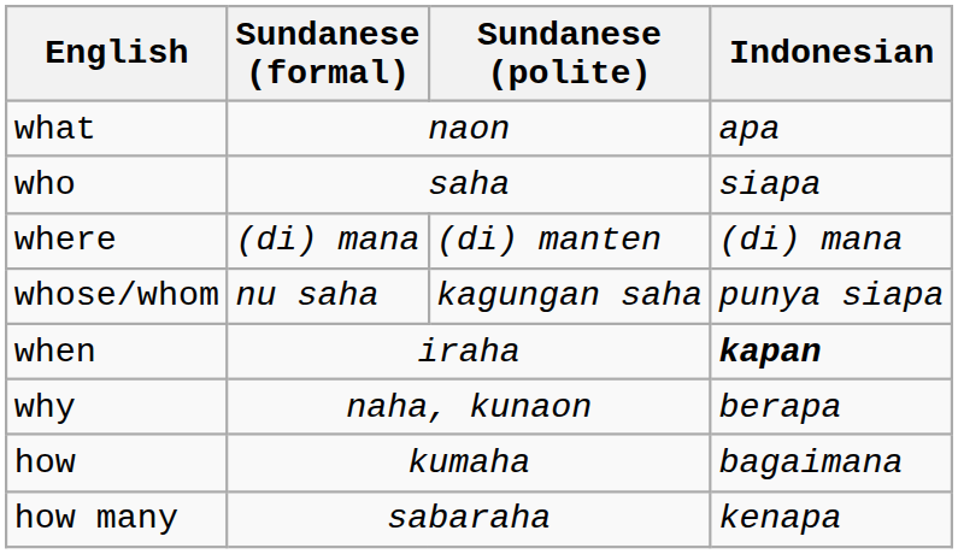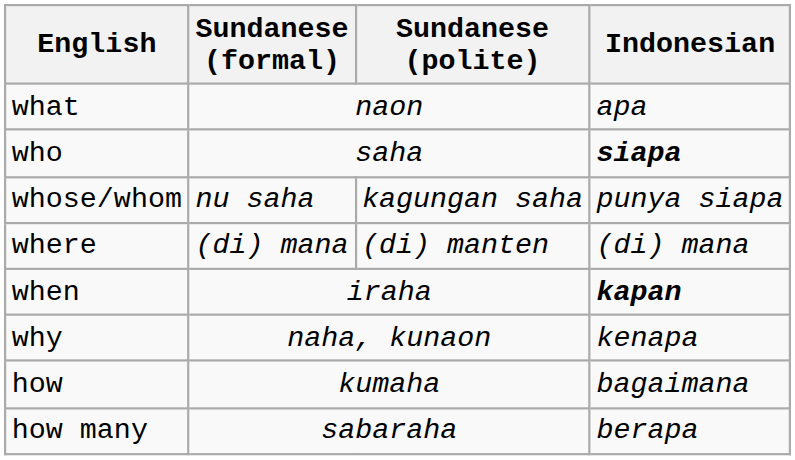 <table class="wikitable">
 <tr>
 <th>English</th>
 <th>Sundanese<br>(formal)</th>
 <th>Sundanese<br>(polite)<br></th>
 <th>Indonesian</th>
 </tr>
 <tr>
 <td>what</td>
 <td colspan="2" style="text-align:center; vertical-align:middle;  "><em>naon</em></td>
 <td><em>apa</em></td>
 </tr>
 <tr>
 <td>who</td>
 <td colspan="2" style="text-align:center; vertical-align:middle;"><em>saha</em></td>
-<td><em>siapa</em></td>
+<td><strong><em>siapa</em></strong></td>
+</tr>
+<tr>
+<td>whose/whom</td>
+<td><em>nu saha</em></td>
+<td><em>kagungan saha</em></td>
+<td><em>punya siapa</em></td>
 </tr>
 <tr>
 <td>where</td>
 <td><em>(di) mana</em></td>
 <td><em>(di) manten</em></td>
 <td><em>(di) mana</em></td>
-</tr>
-<tr>
-<td>whose/whom</td>
-<td><em>nu saha</em></td>
-<td><em>kagungan saha</em></td>
-<td><em>punya siapa</em></td>
 </tr>
 <tr>
 <td>when</td>
 <td colspan="2" style="text-align:center; vertical-align:middle;"><em>iraha</em></td>
 <td><strong><em>kapan</em></strong></td>
 </tr>
 <tr>
 <td>why</td>
 <td colspan="2" style="text-align:center; vertical-align:middle;"><em>naha, kunaon</em></td>
-<td><em>berapa</em></td>
+<td><em>kenapa</em></td>
 </tr>
 <tr>
 <td>how</td>
 <td colspan="2" style="text-align:center; vertical-align:middle;"><em>kumaha</em></td>
 <td><em>bagaimana</em></td>
 </tr>
 <tr>
 <td>how many</td>
 <td colspan="2" style="text-align:center; vertical-align:middle;"><em>sabaraha</em></td>
-<td><em>kenapa</em></td>
+<td><em>berapa</em></td>
 </tr>
 </table>
